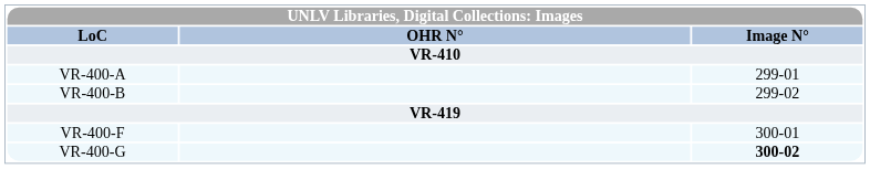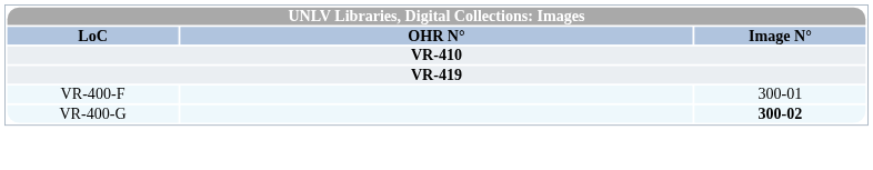 <table width="100%" border="0" cellpadding="0" style="border:1px solid #A3B1BF; ">
 <tr style="vertical-align:bottom; text-align:center;">
 <td colspan=3 style="color: white; border-radius: 12px 12px 0px 0px; background:#A9A9A9"><strong>UNLV Libraries, Digital Collections: Images</strong></td>
 </tr>
 <tr style="vertical-align:bottom; text-align:center;">
 <td style="color:black; background:#b0c4de;"><strong>LoC</strong></td>
 <td style="color:black; background:#b0c4de;"><strong>OHR N°</strong></td>
 <td style="color:black; background:#b0c4de;"><strong>Image N°</strong></td>
 </tr>
 <tr style="vertical-align:bottom; text-align:center;">
 <td colspan=3 style="background:#EAEEF2;"><strong>VR-410</strong></td>
-</tr>
-<tr style="vertical-align:bottom; text-align:center;">
-<td style="background:#eef8fc;">VR-400-A</td>
-<td style="background:#eef8fc;"></td>
-<td style="background:#eef8fc;">299-01</td>
-</tr>
-<tr style="vertical-align:bottom; text-align:center;">
-<td style="background:#eef8fc;">VR-400-B</td>
-<td style="background:#eef8fc;"></td>
-<td style="background:#eef8fc;">299-02</td>
 </tr>
 <tr style="vertical-align:bottom; text-align:center;">
 <td colspan="3;" style="background:#eaeef2;"><strong>VR-419</strong></td>
 </tr>
 <tr style="vertical-align:bottom; text-align:center;">
 <td style="background:#eef8fc;">VR-400-F</td>
 <td style="background:#eef8fc;"></td>
 <td style="background:#eef8fc;">300-01</td>
 </tr>
 <tr style="vertical-align:bottom; text-align:center;">
 <td width="20%"; style="background-color:#EEF8FC; border-radius: 0px 0px 0px 12px;">VR-400-G</td>
 <td style="background:#eef8fc;"></td>
 <td width="20%"; style="background-color:#EEF8FC; border-radius: 0px 0px 12px 0px;"><strong>300-02</strong></td>
 </tr>
 </table>
